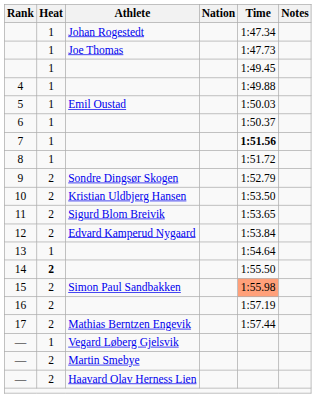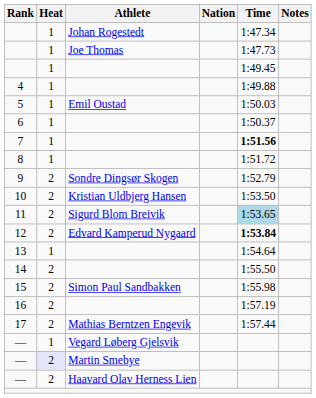 <table class="wikitable mw-datatable sortable" style="text-align:center;">
 <tr>
 <th scope="col" style="width: 10px;">Rank</th>
 <th scope="col">Heat</th>
 <th scope="col">Athlete</th>
 <th scope="col">Nation</th>
 <th scope="col">Time</th>
 <th scope="col">Notes</th>
 </tr>
 <tr>
 <td></td>
 <td>1</td>
 <td align="left"><a href='#'>Johan Rogestedt</a></td>
 <td align="left"></td>
 <td>1:47.34</td>
 <td></td>
 </tr>
 <tr>
 <td></td>
 <td>1</td>
 <td align="left"><a href='#'>Joe Thomas</a></td>
 <td align="left"></td>
 <td>1:47.73</td>
 <td></td>
 </tr>
 <tr>
 <td></td>
 <td>1</td>
 <td align="left"></td>
 <td align="left"></td>
 <td>1:49.45</td>
 <td></td>
 </tr>
 <tr>
 <td>4</td>
 <td>1</td>
 <td align="left"></td>
 <td align="left"></td>
 <td>1:49.88</td>
 <td></td>
 </tr>
 <tr>
 <td>5</td>
 <td>1</td>
 <td align="left"><a href='#'>Emil Oustad</a></td>
 <td align="left"></td>
 <td>1:50.03</td>
 <td></td>
 </tr>
 <tr>
 <td>6</td>
 <td>1</td>
 <td align="left"></td>
 <td align="left"></td>
 <td>1:50.37</td>
 <td></td>
 </tr>
 <tr>
 <td>7</td>
 <td>1</td>
 <td align="left"></td>
 <td align="left"></td>
 <td><strong>1:51.56</strong></td>
 <td></td>
 </tr>
 <tr>
 <td>8</td>
 <td>1</td>
 <td align="left"></td>
 <td align="left"></td>
 <td>1:51.72</td>
 <td></td>
 </tr>
 <tr>
 <td>9</td>
 <td>2</td>
 <td align="left"><a href='#'>Sondre Dingsør Skogen</a></td>
 <td align="left"></td>
 <td>1:52.79</td>
 <td></td>
 </tr>
 <tr>
 <td>10</td>
 <td>2</td>
 <td align="left"><a href='#'>Kristian Uldbjerg Hansen</a></td>
 <td align="left"></td>
 <td>1:53.50</td>
 <td></td>
 </tr>
 <tr>
 <td>11</td>
 <td>2</td>
 <td align="left"><a href='#'>Sigurd Blom Breivik</a></td>
 <td align="left"></td>
-<td>1:53.65</td>
+<td style="background: lightblue;">1:53.65</td>
 <td></td>
 </tr>
 <tr>
 <td>12</td>
 <td>2</td>
 <td align="left"><a href='#'>Edvard Kamperud Nygaard</a></td>
 <td align="left"></td>
-<td>1:53.84</td>
+<td><strong>1:53.84</strong></td>
 <td></td>
 </tr>
 <tr>
 <td>13</td>
 <td>1</td>
 <td align="left"></td>
 <td align="left"></td>
 <td>1:54.64</td>
 <td></td>
 </tr>
 <tr>
 <td>14</td>
-<td><strong>2</strong></td>
+<td>2</td>
 <td align="left"></td>
 <td align="left"></td>
 <td>1:55.50</td>
 <td></td>
 </tr>
 <tr>
 <td>15</td>
 <td>2</td>
 <td align="left"><a href='#'>Simon Paul Sandbakken</a></td>
 <td align="left"></td>
-<td style="background: lightsalmon;">1:55.98</td>
+<td>1:55.98</td>
 <td></td>
 </tr>
 <tr>
 <td>16</td>
 <td>2</td>
 <td align="left"></td>
 <td align="left"></td>
 <td>1:57.19</td>
 <td></td>
 </tr>
 <tr>
 <td>17</td>
 <td>2</td>
 <td align="left"><a href='#'>Mathias Berntzen Engevik</a></td>
 <td align="left"></td>
 <td>1:57.44</td>
 <td></td>
 </tr>
 <tr>
 <td>—</td>
 <td>1</td>
 <td align="left"><a href='#'>Vegard Løberg Gjelsvik</a></td>
 <td align="left"></td>
 <td></td>
 <td></td>
 </tr>
 <tr>
 <td>—</td>
-<td>2</td>
+<td style="background: lavender;">2</td>
 <td align="left"><a href='#'>Martin Smebye</a></td>
 <td align="left"></td>
 <td></td>
 <td></td>
 </tr>
 <tr>
 <td>—</td>
 <td>2</td>
 <td align="left"><a href='#'>Haavard Olav Herness Lien</a></td>
 <td align="left"></td>
 <td></td>
 <td></td>
 </tr>
 <tr class="sortbottom">
 <td colspan="6"></td>
 </tr>
 </table>
